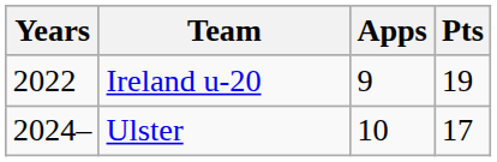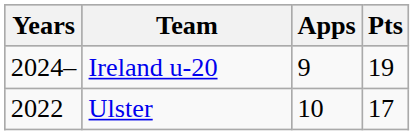 <table class="wikitable" style="text-align:left;">
 <tr>
 <th>Years</th>
 <th width=120px>Team</th>
 <th>Apps</th>
 <th>Pts</th>
 </tr>
 <tr>
-<td>2022</td>
+<td>2024–</td>
 <td><a href='#'>Ireland u-20</a></td>
 <td>9</td>
 <td>19</td>
 </tr>
 <tr>
-<td>2024–</td>
+<td>2022</td>
 <td><a href='#'>Ulster</a></td>
 <td>10</td>
 <td>17</td>
 </tr>
 </table>
